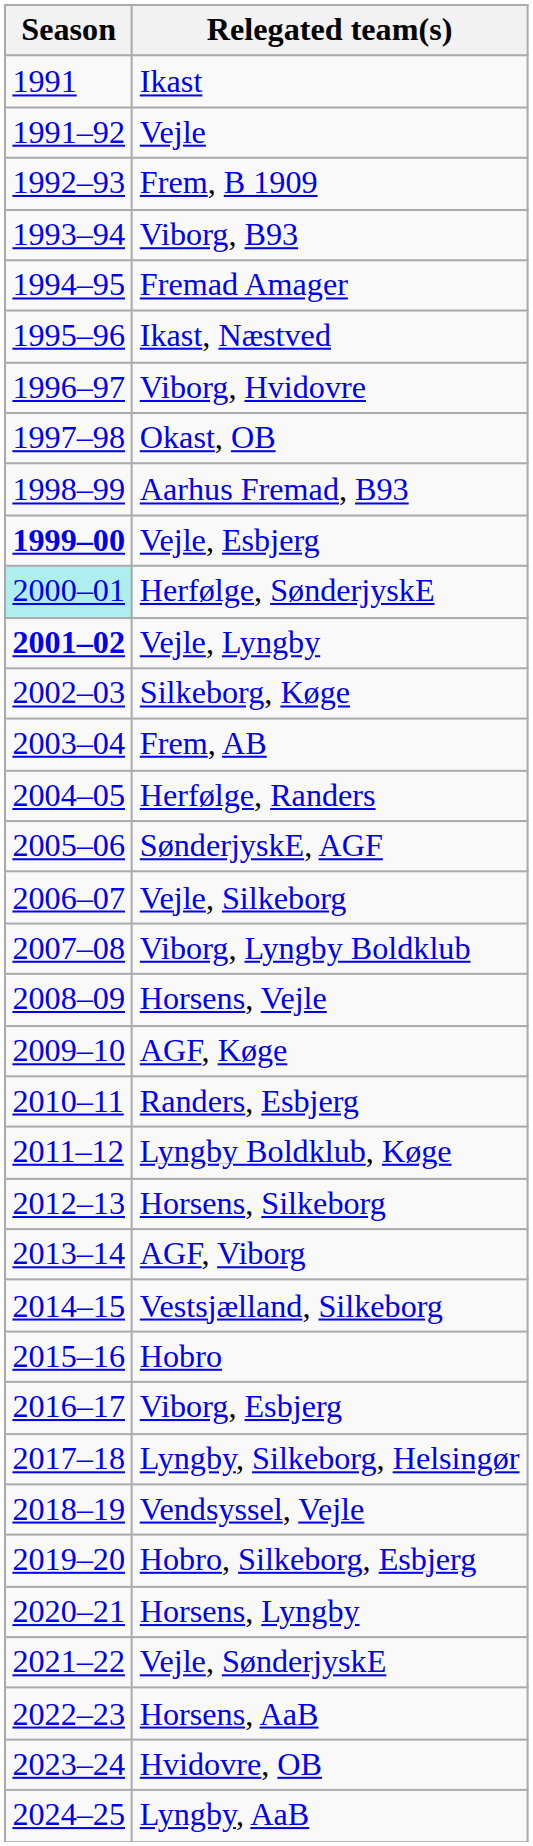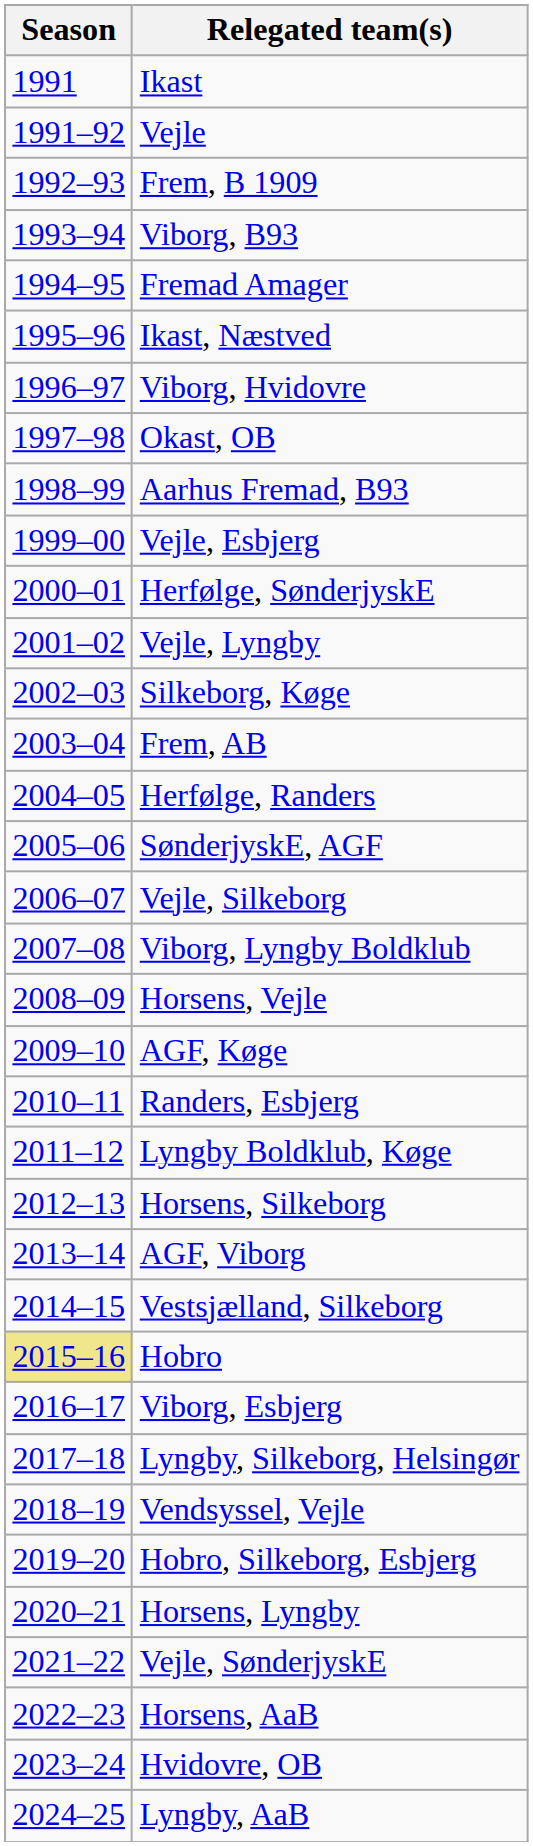 <table class="wikitable">
 <tr>
 <th>Season</th>
 <th>Relegated team(s)</th>
 </tr>
 <tr>
 <td><a href='#'>1991</a></td>
 <td><a href='#'>Ikast</a></td>
 </tr>
 <tr>
 <td><a href='#'>1991–92</a></td>
 <td><a href='#'>Vejle</a></td>
 </tr>
 <tr>
 <td><a href='#'>1992–93</a></td>
 <td><a href='#'>Frem</a>, <a href='#'>B 1909</a></td>
 </tr>
 <tr>
 <td><a href='#'>1993–94</a></td>
 <td><a href='#'>Viborg</a>, <a href='#'>B93</a></td>
 </tr>
 <tr>
 <td><a href='#'>1994–95</a></td>
 <td><a href='#'>Fremad Amager</a></td>
 </tr>
 <tr>
 <td><a href='#'>1995–96</a></td>
 <td><a href='#'>Ikast</a>, <a href='#'>Næstved</a></td>
 </tr>
 <tr>
 <td><a href='#'>1996–97</a></td>
 <td><a href='#'>Viborg</a>, <a href='#'>Hvidovre</a></td>
 </tr>
 <tr>
 <td><a href='#'>1997–98</a></td>
 <td><a href='#'>Okast</a>, <a href='#'>OB</a></td>
 </tr>
 <tr>
 <td><a href='#'>1998–99</a></td>
 <td><a href='#'>Aarhus Fremad</a>, <a href='#'>B93</a></td>
 </tr>
 <tr>
-<td><strong><a href='#'>1999–00</a></strong></td>
+<td><a href='#'>1999–00</a></td>
 <td><a href='#'>Vejle</a>, <a href='#'>Esbjerg</a></td>
 </tr>
 <tr>
-<td style="background: paleturquoise;"><a href='#'>2000–01</a></td>
+<td><a href='#'>2000–01</a></td>
 <td><a href='#'>Herfølge</a>, <a href='#'>SønderjyskE</a></td>
 </tr>
 <tr>
-<td><strong><a href='#'>2001–02</a></strong></td>
+<td><a href='#'>2001–02</a></td>
 <td><a href='#'>Vejle</a>, <a href='#'>Lyngby</a></td>
 </tr>
 <tr>
 <td><a href='#'>2002–03</a></td>
 <td><a href='#'>Silkeborg</a>, <a href='#'>Køge</a></td>
 </tr>
 <tr>
 <td><a href='#'>2003–04</a></td>
 <td><a href='#'>Frem</a>, <a href='#'>AB</a></td>
 </tr>
 <tr>
 <td><a href='#'>2004–05</a></td>
 <td><a href='#'>Herfølge</a>, <a href='#'>Randers</a></td>
 </tr>
 <tr>
 <td><a href='#'>2005–06</a></td>
 <td><a href='#'>SønderjyskE</a>, <a href='#'>AGF</a></td>
 </tr>
 <tr>
 <td><a href='#'>2006–07</a></td>
 <td><a href='#'>Vejle</a>, <a href='#'>Silkeborg</a></td>
 </tr>
 <tr>
 <td><a href='#'>2007–08</a></td>
 <td><a href='#'>Viborg</a>, <a href='#'>Lyngby Boldklub</a></td>
 </tr>
 <tr>
 <td><a href='#'>2008–09</a></td>
 <td><a href='#'>Horsens</a>, <a href='#'>Vejle</a></td>
 </tr>
 <tr>
 <td><a href='#'>2009–10</a></td>
 <td><a href='#'>AGF</a>, <a href='#'>Køge</a></td>
 </tr>
 <tr>
 <td><a href='#'>2010–11</a></td>
 <td><a href='#'>Randers</a>, <a href='#'>Esbjerg</a></td>
 </tr>
 <tr>
 <td><a href='#'>2011–12</a></td>
 <td><a href='#'>Lyngby Boldklub</a>, <a href='#'>Køge</a></td>
 </tr>
 <tr>
 <td><a href='#'>2012–13</a></td>
 <td><a href='#'>Horsens</a>, <a href='#'>Silkeborg</a></td>
 </tr>
 <tr>
 <td><a href='#'>2013–14</a></td>
 <td><a href='#'>AGF</a>, <a href='#'>Viborg</a></td>
 </tr>
 <tr>
 <td><a href='#'>2014–15</a></td>
 <td><a href='#'>Vestsjælland</a>, <a href='#'>Silkeborg</a></td>
 </tr>
 <tr>
-<td><a href='#'>2015–16</a></td>
+<td style="background: khaki;"><a href='#'>2015–16</a></td>
 <td><a href='#'>Hobro</a></td>
 </tr>
 <tr>
 <td><a href='#'>2016–17</a></td>
 <td><a href='#'>Viborg</a>, <a href='#'>Esbjerg</a></td>
 </tr>
 <tr>
 <td><a href='#'>2017–18</a></td>
 <td><a href='#'>Lyngby</a>, <a href='#'>Silkeborg</a>, <a href='#'>Helsingør</a></td>
 </tr>
 <tr>
 <td><a href='#'>2018–19</a></td>
 <td><a href='#'>Vendsyssel</a>, <a href='#'>Vejle</a></td>
 </tr>
 <tr>
 <td><a href='#'>2019–20</a></td>
 <td><a href='#'>Hobro</a>, <a href='#'>Silkeborg</a>, <a href='#'>Esbjerg</a></td>
 </tr>
 <tr>
 <td><a href='#'>2020–21</a></td>
 <td><a href='#'>Horsens</a>, <a href='#'>Lyngby</a></td>
 </tr>
 <tr>
 <td><a href='#'>2021–22</a></td>
 <td><a href='#'>Vejle</a>, <a href='#'>SønderjyskE</a></td>
 </tr>
 <tr>
 <td><a href='#'>2022–23</a></td>
 <td><a href='#'>Horsens</a>, <a href='#'>AaB</a></td>
 </tr>
 <tr>
 <td><a href='#'>2023–24</a></td>
 <td><a href='#'>Hvidovre</a>, <a href='#'>OB</a></td>
 </tr>
 <tr>
 <td><a href='#'>2024–25</a></td>
 <td><a href='#'>Lyngby</a>, <a href='#'>AaB</a></td>
 </tr>
 </table>
